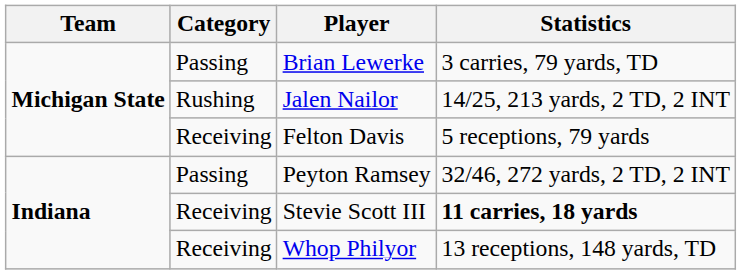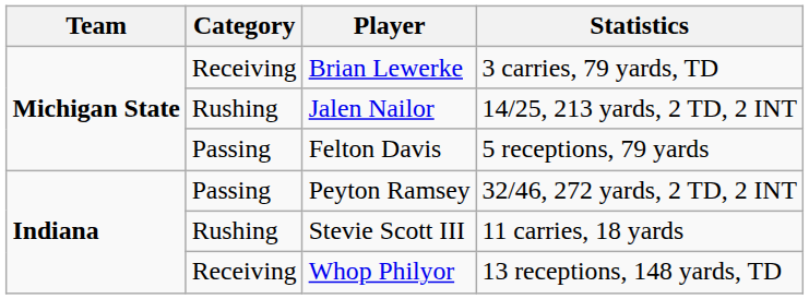 <table class="wikitable" style="float: right;">
 <tr>
 <th>Team</th>
 <th>Category</th>
 <th>Player</th>
 <th>Statistics</th>
 </tr>
 <tr>
 <td rowspan=3><strong>Michigan State</strong></td>
-<td>Passing</td>
+<td>Receiving</td>
 <td><a href='#'>Brian Lewerke</a></td>
 <td>3 carries, 79 yards, TD</td>
 </tr>
 <tr>
 <td>Rushing</td>
 <td><a href='#'>Jalen Nailor</a></td>
 <td>14/25, 213 yards, 2 TD, 2 INT</td>
 </tr>
 <tr>
-<td>Receiving</td>
+<td>Passing</td>
 <td>Felton Davis</td>
 <td>5 receptions, 79 yards</td>
 </tr>
 <tr>
 <td rowspan=3><strong>Indiana</strong></td>
 <td>Passing</td>
 <td>Peyton Ramsey</td>
 <td>32/46, 272 yards, 2 TD, 2 INT</td>
 </tr>
 <tr>
-<td>Receiving</td>
+<td>Rushing</td>
 <td>Stevie Scott III</td>
-<td><strong>11 carries, 18 yards</strong></td>
+<td>11 carries, 18 yards</td>
 </tr>
 <tr>
 <td>Receiving</td>
 <td><a href='#'>Whop Philyor</a></td>
 <td>13 receptions, 148 yards, TD</td>
 </tr>
 </table>
